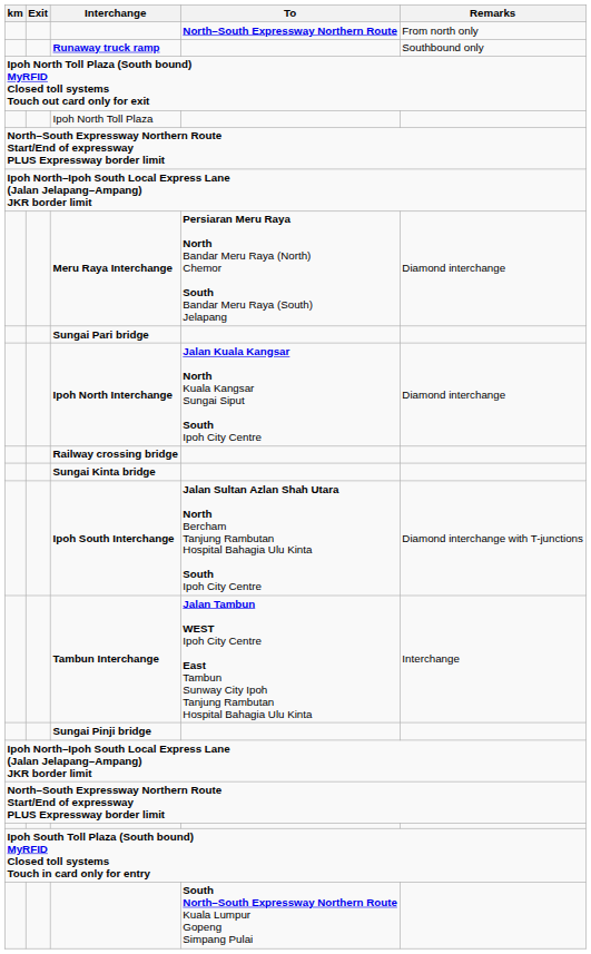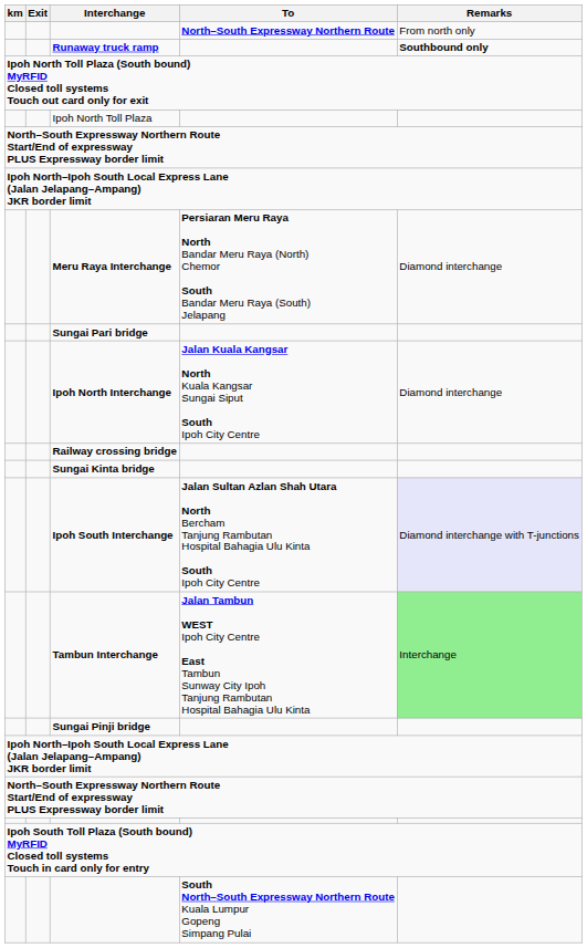 <table class="wikitable">
 <tr>
 <th>km</th>
 <th>Exit</th>
 <th>Interchange</th>
 <th>To</th>
 <th>Remarks</th>
 </tr>
 <tr>
 <td></td>
 <td></td>
 <td></td>
 <td>  <strong><a href='#'>North–South Expressway Northern Route</a></strong></td>
 <td>From north only</td>
 </tr>
 <tr>
 <td></td>
 <td></td>
 <td><strong><a href='#'>Runaway truck ramp</a></strong></td>
 <td></td>
-<td>Southbound only</td>
+<td><strong>Southbound only</strong></td>
 </tr>
 <tr>
 <td style="width:600px" colspan="6" style="text-align:center; background:green;"><strong><span>Ipoh North Toll Plaza (South bound)<br> <a href='#'><span>My</span><span>RFID</span></a>  <br>Closed toll systems<br>Touch out card only for exit</span></strong></td>
 </tr>
 <tr>
 <td></td>
 <td></td>
 <td> Ipoh North Toll Plaza</td>
 <td>   </td>
 <td></td>
 </tr>
 <tr>
 <td style="width:600px" colspan="6" style="text-align:center; background:green;"><strong><span>  North–South Expressway Northern Route<br>Start/End of expressway<br>PLUS Expressway border limit</span></strong></td>
 </tr>
 <tr>
 <td style="width:600px" colspan="6" style="text-align:center; background:blue;"><strong><span> Ipoh North–Ipoh South Local Express Lane<br>(Jalan Jelapang–Ampang)<br>JKR border limit</span></strong></td>
 </tr>
 <tr>
 <td></td>
 <td></td>
 <td><strong>Meru Raya Interchange</strong></td>
 <td><strong>Persiaran Meru Raya</strong><br><br><strong>North</strong><br>Bandar Meru Raya (North)<br>Chemor<br><br><strong>South</strong><br>Bandar Meru Raya (South)<br>Jelapang</td>
 <td>Diamond interchange</td>
 </tr>
 <tr>
 <td></td>
 <td></td>
 <td><strong>Sungai Pari bridge</strong></td>
 <td></td>
 <td></td>
 </tr>
 <tr>
 <td></td>
 <td></td>
 <td><strong>Ipoh North Interchange</strong></td>
 <td> <strong><a href='#'>Jalan Kuala Kangsar</a></strong><br><br><strong>North </strong><br> Kuala Kangsar<br> Sungai Siput<br><br><strong>South</strong><br> Ipoh City Centre</td>
 <td>Diamond interchange</td>
 </tr>
 <tr>
 <td></td>
 <td></td>
 <td><strong>Railway crossing bridge</strong></td>
 <td></td>
 <td></td>
 </tr>
 <tr>
 <td></td>
 <td></td>
 <td><strong>Sungai Kinta bridge</strong></td>
 <td></td>
 <td></td>
 </tr>
 <tr>
 <td></td>
 <td></td>
 <td><strong>Ipoh South Interchange</strong></td>
 <td><strong>Jalan Sultan Azlan Shah Utara</strong><br><br><strong>North </strong><br>Bercham<br>Tanjung Rambutan<br>Hospital Bahagia Ulu Kinta <br><br><strong>South</strong><br>Ipoh City Centre</td>
-<td>Diamond interchange with T-junctions</td>
+<td style="background: lavender;">Diamond interchange with T-junctions</td>
 </tr>
 <tr>
 <td></td>
 <td></td>
 <td><strong>Tambun Interchange</strong></td>
 <td> <strong><a href='#'>Jalan Tambun</a></strong><br><br><strong>WEST</strong><br>Ipoh City Centre<br><br><strong>East</strong><br>Tambun<br>Sunway City Ipoh<br>Tanjung Rambutan<br>Hospital Bahagia Ulu Kinta </td>
-<td>Interchange</td>
+<td style="background: lightgreen;">Interchange</td>
 </tr>
 <tr>
 <td></td>
 <td></td>
 <td><strong>Sungai Pinji bridge</strong></td>
 <td></td>
 <td></td>
 </tr>
 <tr>
 <td style="width:600px" colspan="6" style="text-align:center; background:blue;"><strong><span> Ipoh North–Ipoh South Local Express Lane<br>(Jalan Jelapang–Ampang)<br>JKR border limit</span></strong></td>
 </tr>
 <tr>
 <td style="width:600px" colspan="6" style="text-align:center; background:green;"><strong><span>  North–South Expressway Northern Route<br>Start/End of expressway<br>PLUS Expressway border limit</span></strong></td>
 </tr>
 <tr>
 <td></td>
 <td></td>
 <td></td>
 <td></td>
 <td></td>
 </tr>
 <tr>
 <td style="width:600px" colspan="6" style="text-align:center; background:green;"><strong><span>Ipoh South Toll Plaza (South bound)<br> <a href='#'><span>My</span><span>RFID</span></a>  <br>Closed toll systems<br>Touch in card only for entry</span></strong></td>
 </tr>
 <tr>
 <td></td>
 <td></td>
 <td></td>
 <td><strong>South</strong><br>  <strong><a href='#'>North–South Expressway Northern Route</a></strong><br>Kuala Lumpur<br>Gopeng<br>Simpang Pulai</td>
 <td></td>
 </tr>
 </table>
